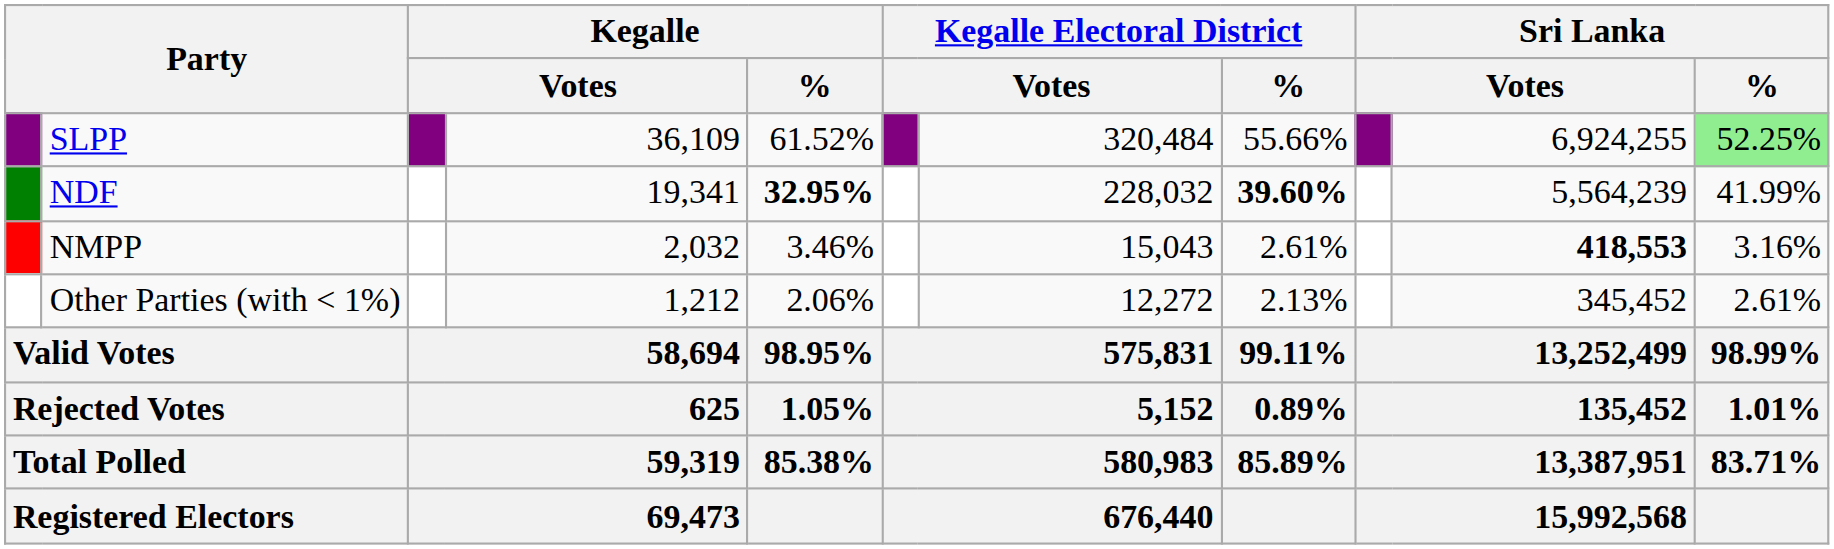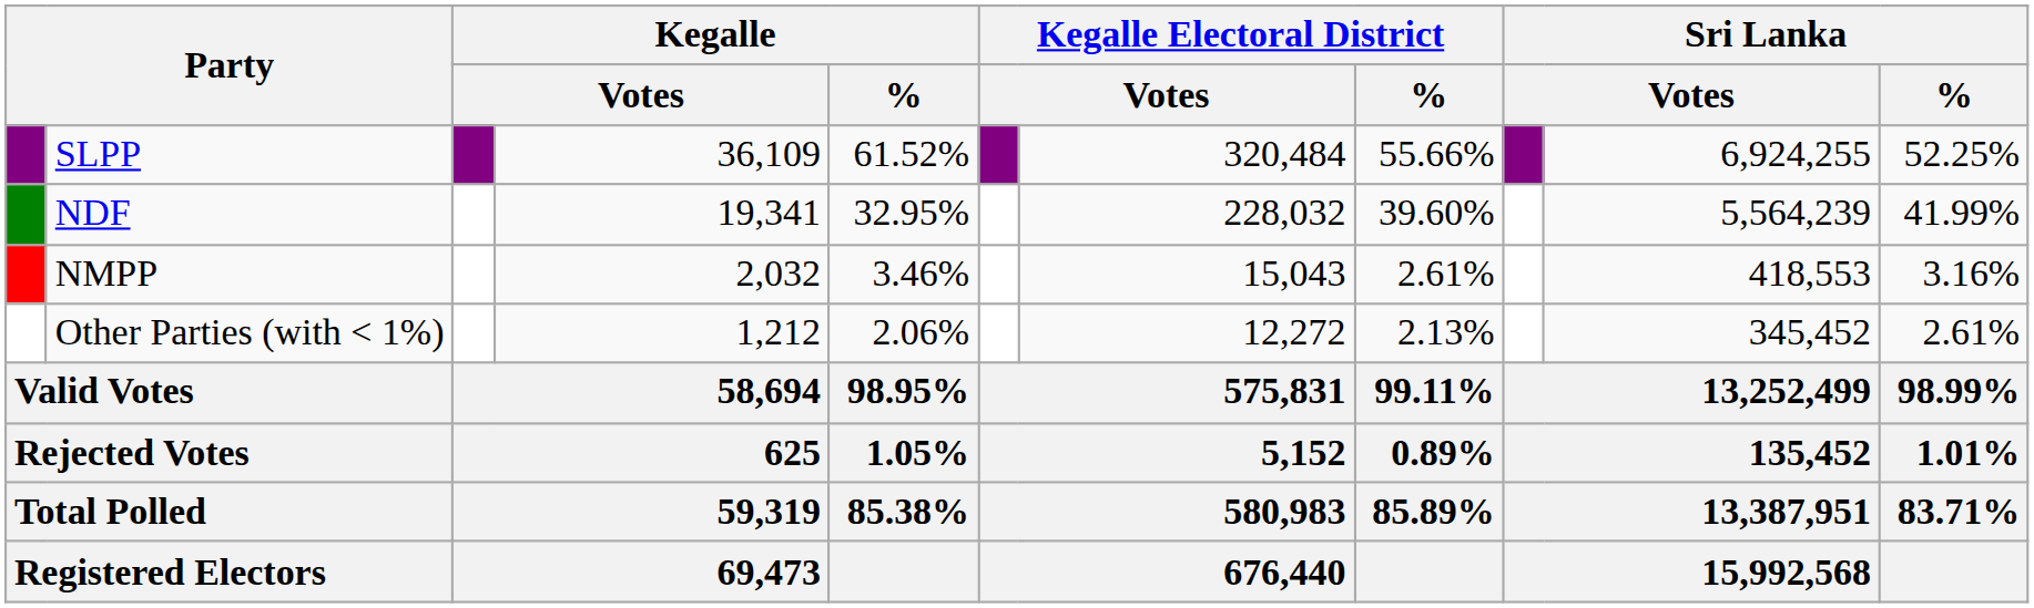 <table class="wikitable">
 <tr>
 <th colspan="2" width="144px"rowspan="2">Party</th>
 <th colspan="3" width="216px">Kegalle</th>
 <th colspan="3" width="216px"><a href='#'>Kegalle Electoral District</a></th>
 <th colspan="3" width="216px">Sri Lanka</th>
 </tr>
 <tr>
 <th colspan="2" width="144px">Votes</th>
 <th>%</th>
 <th colspan="2" width="144px">Votes</th>
 <th>%</th>
 <th colspan="2" width="144px">Votes</th>
 <th>%</th>
 </tr>
 <tr>
 <td style="background-color:purple;" width="10px"></td>
 <td style="text-align:left;"><a href='#'>SLPP</a></td>
 <td style="background-color:purple;" width="10px"></td>
 <td style="text-align:right;">36,109</td>
 <td style="text-align:right;">61.52%</td>
 <td style="background-color:purple;" width="10px"></td>
 <td style="text-align:right;">320,484</td>
 <td style="text-align:right;">55.66%</td>
 <td style="background-color:purple;" width="10px"></td>
 <td style="text-align:right;">6,924,255</td>
-<td style="background: lightgreen; text-align:right;">52.25%</td>
+<td style="text-align:right;">52.25%</td>
 </tr>
 <tr>
 <td style="background-color:green;" width="10px"></td>
 <td style="text-align:left;"><a href='#'>NDF</a></td>
 <td style="background-color:white;" width="10px"></td>
 <td style="text-align:right;">19,341</td>
-<td style="text-align:right;"><strong>32.95%</strong></td>
+<td style="text-align:right;">32.95%</td>
 <td style="background-color:white;" width="10px"></td>
 <td style="text-align:right;">228,032</td>
-<td style="text-align:right;"><strong>39.60%</strong></td>
+<td style="text-align:right;">39.60%</td>
 <td style="background-color:white;" width="10px"></td>
 <td style="text-align:right;">5,564,239</td>
 <td style="text-align:right;">41.99%</td>
 </tr>
 <tr>
 <td style="background-color:red;" width="10px"></td>
 <td style="text-align:left;">NMPP</td>
 <td style="background-color:white;" width="10px"></td>
 <td style="text-align:right;">2,032</td>
 <td style="text-align:right;">3.46%</td>
 <td style="background-color:white;" width="10px"></td>
 <td style="text-align:right;">15,043</td>
 <td style="text-align:right;">2.61%</td>
 <td style="background-color:white;" width="10px"></td>
-<td style="text-align:right;"><strong>418,553</strong></td>
+<td style="text-align:right;">418,553</td>
 <td style="text-align:right;">3.16%</td>
 </tr>
 <tr>
 <td style="background-color:white;" width="10px"></td>
 <td style="text-align:left;">Other Parties (with < 1%)</td>
 <td style="background-color:white;" width="10px"></td>
 <td style="text-align:right;">1,212</td>
 <td style="text-align:right;">2.06%</td>
 <td style="background-color:white;" width="10px"></td>
 <td style="text-align:right;">12,272</td>
 <td style="text-align:right;">2.13%</td>
 <td style="background-color:white;" width="10px"></td>
 <td style="text-align:right;">345,452</td>
 <td style="text-align:right;">2.61%</td>
 </tr>
 <tr>
 <th colspan="2" width="144px"style="text-align:left;">Valid Votes</th>
 <th style="text-align:right;"colspan="2" width="144px">58,694</th>
 <th style="text-align:right;">98.95%</th>
 <th style="text-align:right;"colspan="2" width="144px">575,831</th>
 <th style="text-align:right;">99.11%</th>
 <th style="text-align:right;"colspan="2" width="144px">13,252,499</th>
 <th style="text-align:right;">98.99%</th>
 </tr>
 <tr>
 <th colspan="2" width="144px"style="text-align:left;">Rejected Votes</th>
 <th style="text-align:right;"colspan="2" width="144px">625</th>
 <th style="text-align:right;">1.05%</th>
 <th style="text-align:right;"colspan="2" width="144px">5,152</th>
 <th style="text-align:right;">0.89%</th>
 <th style="text-align:right;"colspan="2" width="144px">135,452</th>
 <th style="text-align:right;">1.01%</th>
 </tr>
 <tr>
 <th colspan="2" width="144px"style="text-align:left;">Total Polled</th>
 <th style="text-align:right;"colspan="2" width="144px">59,319</th>
 <th style="text-align:right;">85.38%</th>
 <th style="text-align:right;"colspan="2" width="144px">580,983</th>
 <th style="text-align:right;">85.89%</th>
 <th style="text-align:right;"colspan="2" width="144px">13,387,951</th>
 <th style="text-align:right;">83.71%</th>
 </tr>
 <tr>
 <th colspan="2" width="144px"style="text-align:left;">Registered Electors</th>
 <th style="text-align:right;"colspan="2" width="144px">69,473</th>
 <th></th>
 <th style="text-align:right;"colspan="2" width="144px">676,440</th>
 <th></th>
 <th style="text-align:right;"colspan="2" width="144px">15,992,568</th>
 <th></th>
 </tr>
 </table>
